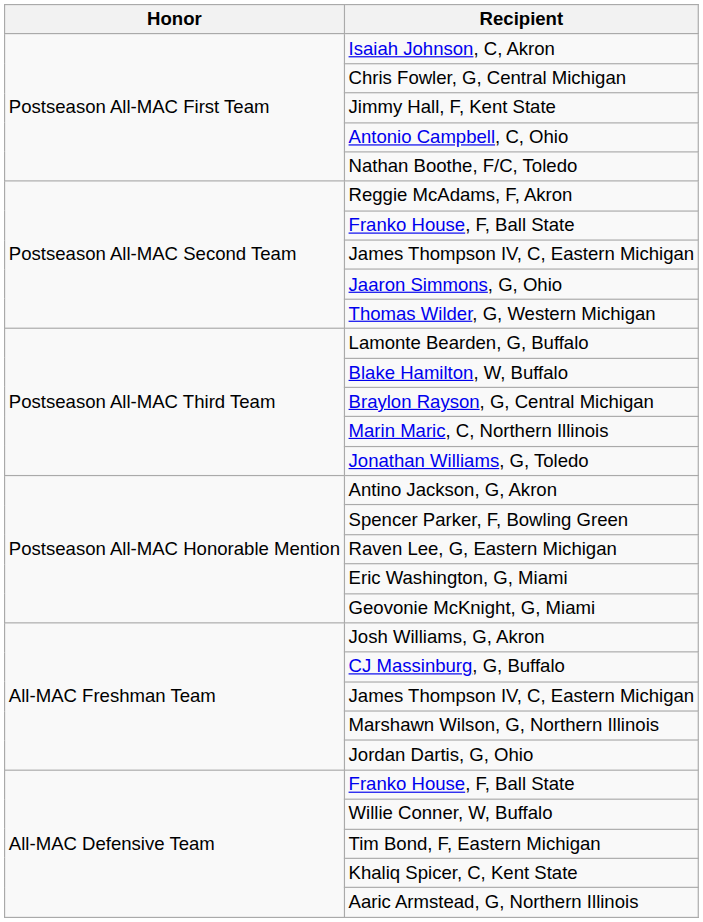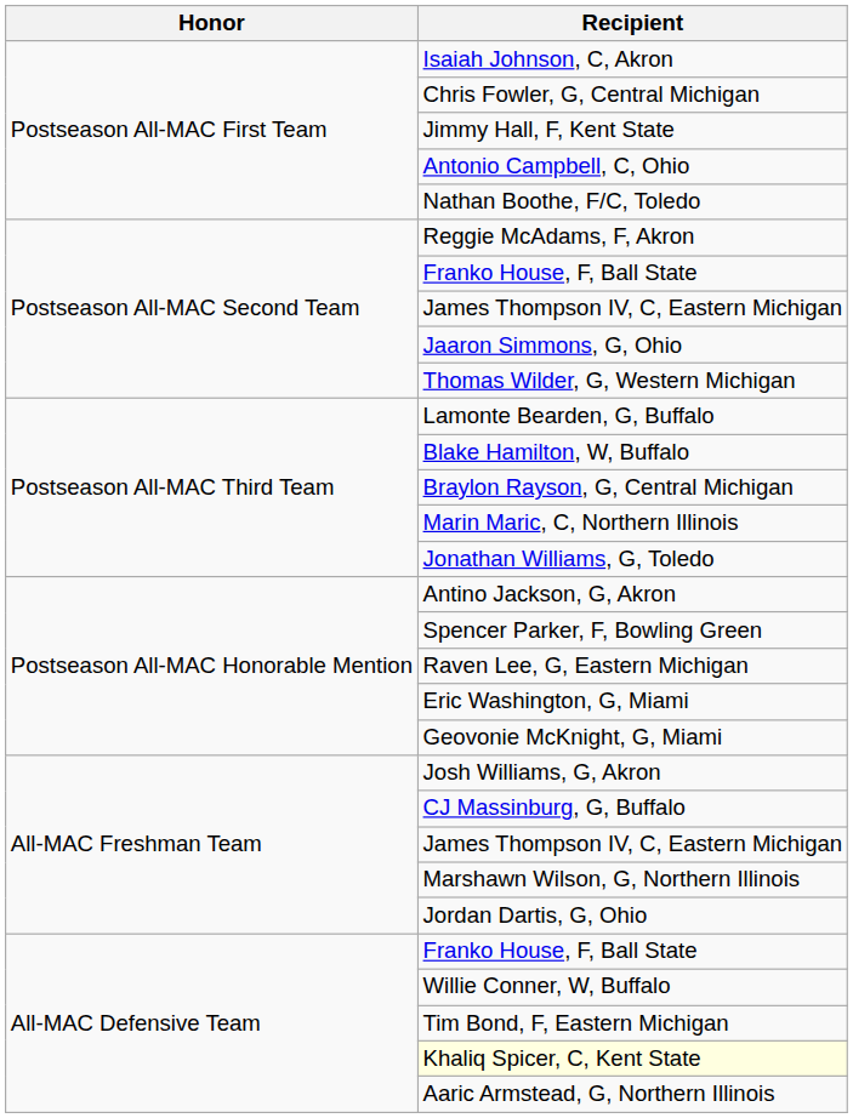 <table class="wikitable" border="1">
 <tr>
 <th>Honor</th>
 <th>Recipient</th>
 </tr>
 <tr>
 <td rowspan=5 valign=middle>Postseason All-MAC First Team</td>
 <td><a href='#'>Isaiah Johnson</a>, C, Akron</td>
 </tr>
 <tr>
 <td>Chris Fowler, G, Central Michigan</td>
 </tr>
 <tr>
 <td>Jimmy Hall, F, Kent State</td>
 </tr>
 <tr>
 <td><a href='#'>Antonio Campbell</a>, C, Ohio</td>
 </tr>
 <tr>
 <td>Nathan Boothe, F/C, Toledo</td>
 </tr>
 <tr>
 <td rowspan=5 valign=middle>Postseason All-MAC Second Team</td>
 <td>Reggie McAdams, F, Akron</td>
 </tr>
 <tr>
 <td><a href='#'>Franko House</a>, F, Ball State</td>
 </tr>
 <tr>
 <td>James Thompson IV, C, Eastern Michigan</td>
 </tr>
 <tr>
 <td><a href='#'>Jaaron Simmons</a>, G, Ohio</td>
 </tr>
 <tr>
 <td><a href='#'>Thomas Wilder</a>, G, Western Michigan</td>
 </tr>
 <tr>
 <td rowspan=5 valign=middle>Postseason All-MAC Third Team</td>
 <td>Lamonte Bearden, G, Buffalo</td>
 </tr>
 <tr>
 <td><a href='#'>Blake Hamilton</a>, W, Buffalo</td>
 </tr>
 <tr>
 <td><a href='#'>Braylon Rayson</a>, G, Central Michigan</td>
 </tr>
 <tr>
 <td><a href='#'>Marin Maric</a>, C, Northern Illinois</td>
 </tr>
 <tr>
 <td><a href='#'>Jonathan Williams</a>, G, Toledo</td>
 </tr>
 <tr>
 <td rowspan=5 valign=middle>Postseason All-MAC Honorable Mention</td>
 <td>Antino Jackson, G, Akron</td>
 </tr>
 <tr>
 <td>Spencer Parker, F, Bowling Green</td>
 </tr>
 <tr>
 <td>Raven Lee, G, Eastern Michigan</td>
 </tr>
 <tr>
 <td>Eric Washington, G, Miami</td>
 </tr>
 <tr>
 <td>Geovonie McKnight, G, Miami</td>
 </tr>
 <tr>
 <td rowspan=5 valign=middle>All-MAC Freshman Team</td>
 <td>Josh Williams, G, Akron</td>
 </tr>
 <tr>
 <td><a href='#'>CJ Massinburg</a>, G, Buffalo</td>
 </tr>
 <tr>
 <td>James Thompson IV, C, Eastern Michigan</td>
 </tr>
 <tr>
 <td>Marshawn Wilson, G, Northern Illinois</td>
 </tr>
 <tr>
 <td>Jordan Dartis, G, Ohio</td>
 </tr>
 <tr>
 <td rowspan=5 valign=middle>All-MAC Defensive Team</td>
 <td><a href='#'>Franko House</a>, F, Ball State</td>
 </tr>
 <tr>
 <td>Willie Conner, W, Buffalo</td>
 </tr>
 <tr>
 <td>Tim Bond, F, Eastern Michigan</td>
 </tr>
 <tr>
-<td>Khaliq Spicer, C, Kent State</td>
+<td style="background: lightyellow;">Khaliq Spicer, C, Kent State</td>
 </tr>
 <tr>
 <td>Aaric Armstead, G, Northern Illinois</td>
 </tr>
 <tr>
 </tr>
 </table>
